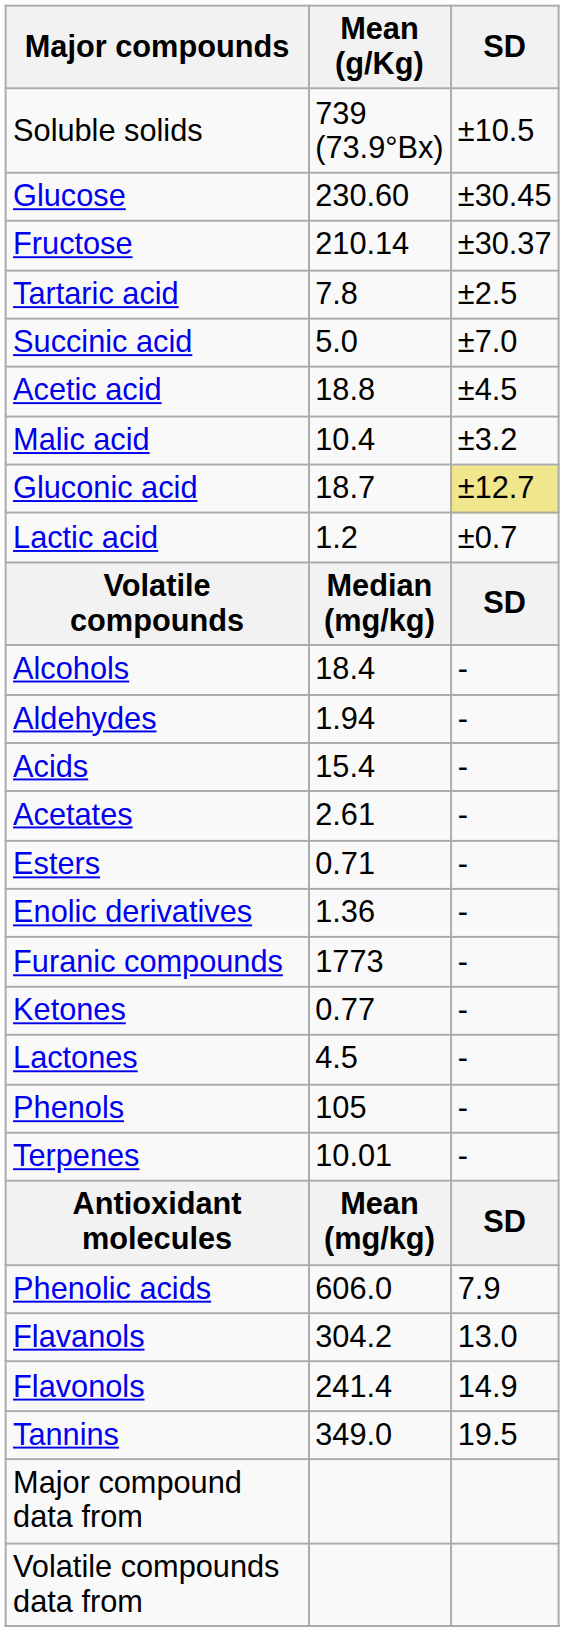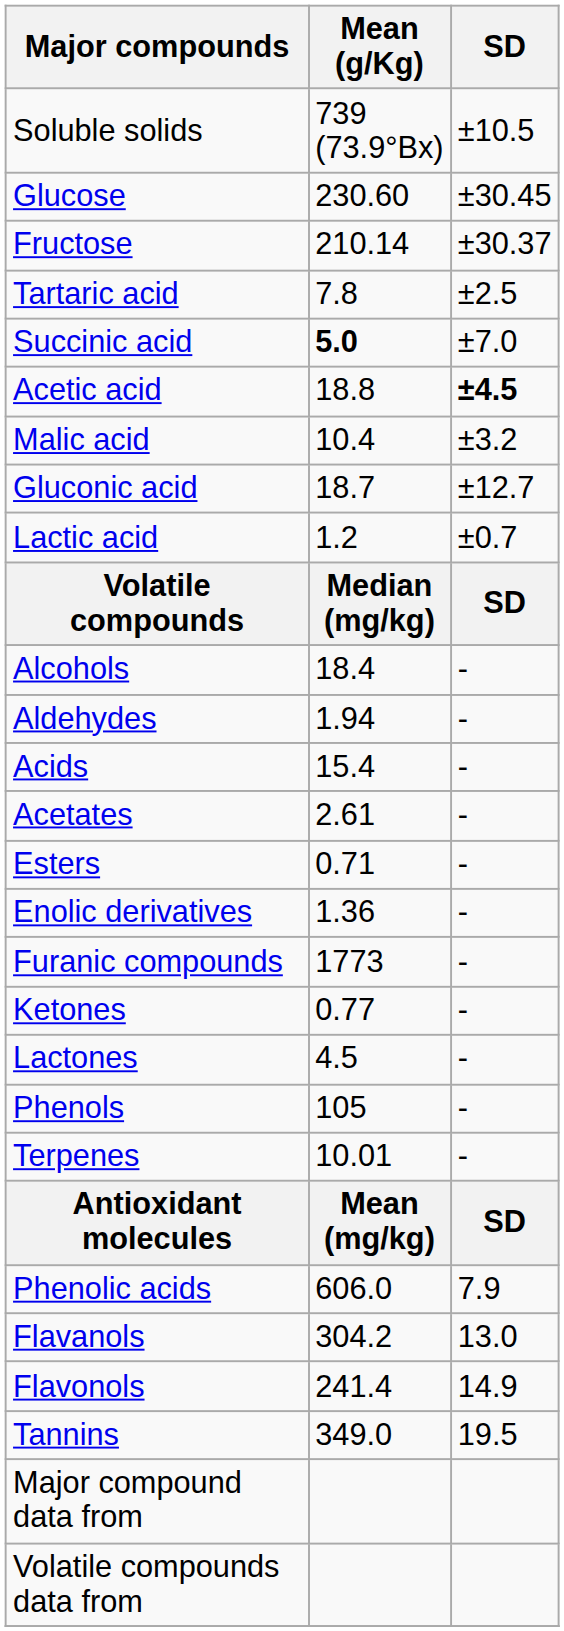 <table class="wikitable" style="float:right;">
 <tr>
 <th width="150pt">Major compounds</th>
 <th width="40pt">Mean (g/Kg)</th>
 <th width="30pt">SD</th>
 </tr>
 <tr>
 <td>Soluble solids</td>
 <td>739 (73.9°Bx)</td>
 <td>±10.5</td>
 </tr>
 <tr>
 <td><a href='#'>Glucose</a></td>
 <td>230.60</td>
 <td>±30.45</td>
 </tr>
 <tr>
 <td><a href='#'>Fructose</a></td>
 <td>210.14</td>
 <td>±30.37</td>
 </tr>
 <tr>
 <td><a href='#'>Tartaric acid</a></td>
 <td>7.8</td>
 <td>±2.5</td>
 </tr>
 <tr>
 <td><a href='#'>Succinic acid</a></td>
-<td>5.0</td>
+<td><strong>5.0</strong></td>
 <td>±7.0</td>
 </tr>
 <tr>
 <td><a href='#'>Acetic acid</a></td>
 <td>18.8</td>
-<td>±4.5</td>
+<td><strong>±4.5</strong></td>
 </tr>
 <tr>
 <td><a href='#'>Malic acid</a></td>
 <td>10.4</td>
 <td>±3.2</td>
 </tr>
 <tr>
 <td><a href='#'>Gluconic acid</a></td>
 <td>18.7</td>
-<td style="background: khaki;">±12.7</td>
+<td>±12.7</td>
 </tr>
 <tr>
 <td><a href='#'>Lactic acid</a></td>
 <td>1.2</td>
 <td>±0.7</td>
 </tr>
 <tr>
 <th>Volatile compounds</th>
 <th>Median (mg/kg)</th>
 <th>SD</th>
 </tr>
 <tr>
 <td><a href='#'>Alcohols</a></td>
 <td>18.4</td>
 <td>-</td>
 </tr>
 <tr>
 <td><a href='#'>Aldehydes</a></td>
 <td>1.94</td>
 <td>-</td>
 </tr>
 <tr>
 <td><a href='#'>Acids</a></td>
 <td>15.4</td>
 <td>-</td>
 </tr>
 <tr>
 <td><a href='#'>Acetates</a></td>
 <td>2.61</td>
 <td>-</td>
 </tr>
 <tr>
 <td><a href='#'>Esters</a></td>
 <td>0.71</td>
 <td>-</td>
 </tr>
 <tr>
 <td><a href='#'>Enolic derivatives</a></td>
 <td>1.36</td>
 <td>-</td>
 </tr>
 <tr>
 <td><a href='#'>Furanic compounds</a></td>
 <td>1773</td>
 <td>-</td>
 </tr>
 <tr>
 <td><a href='#'>Ketones</a></td>
 <td>0.77</td>
 <td>-</td>
 </tr>
 <tr>
 <td><a href='#'>Lactones</a></td>
 <td>4.5</td>
 <td>-</td>
 </tr>
 <tr>
 <td><a href='#'>Phenols</a></td>
 <td>105</td>
 <td>-</td>
 </tr>
 <tr>
 <td><a href='#'>Terpenes</a></td>
 <td>10.01</td>
 <td>-</td>
 </tr>
 <tr>
 <th>Antioxidant molecules</th>
 <th>Mean (mg/kg)</th>
 <th>SD</th>
 </tr>
 <tr>
 <td><a href='#'>Phenolic acids</a></td>
 <td>606.0</td>
 <td>7.9</td>
 </tr>
 <tr>
 <td><a href='#'>Flavanols</a></td>
 <td>304.2</td>
 <td>13.0</td>
 </tr>
 <tr>
 <td><a href='#'>Flavonols</a></td>
 <td>241.4</td>
 <td>14.9</td>
 </tr>
 <tr>
 <td><a href='#'>Tannins</a></td>
 <td>349.0</td>
 <td>19.5</td>
 </tr>
 <tr>
 <td>Major compound data from</td>
 <td></td>
 <td></td>
 </tr>
 <tr>
 <td>Volatile compounds data from</td>
 <td></td>
 <td></td>
 </tr>
 <tr>
 </tr>
 </table>
